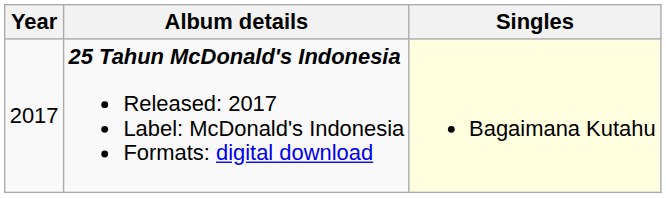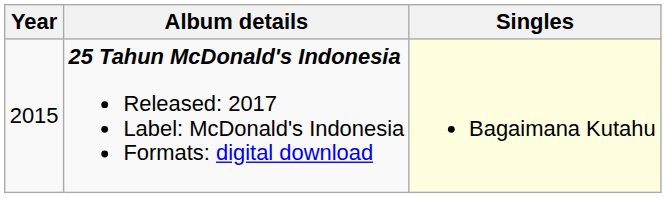 <table class="wikitable" style="text-align:center">
 <tr>
 <th rowspan="1">Year</th>
 <th rowspan="1">Album details</th>
 <th rowspan="1">Singles</th>
 </tr>
 <tr>
-<td>2017</td>
+<td>2015</td>
 <td align="left"><strong><em>25 Tahun McDonald's Indonesia</em></strong><br><ul><li>Released: 2017</li><li>Label: McDonald's Indonesia</li><li>Formats: <a href='#'>digital download</a></li></ul></td>
 <td style="background: lightyellow;"><br><ul><li>Bagaimana Kutahu</li></ul></td>
 </tr>
 </table>
